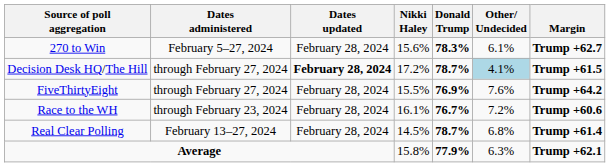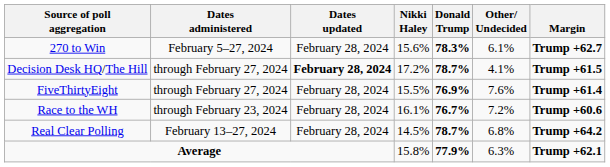 <table class="wikitable sortable mw-datatable" style="font-size:90%;text-align:center;">
 <tr valign="bottom" style="font-size:90%;">
 <th>Source of poll<br>aggregation</th>
 <th>Dates<br>administered</th>
 <th>Dates<br>updated</th>
 <th>Nikki<br>Haley</th>
 <th>Donald<br>Trump</th>
 <th>Other/<br>Undecided</th>
 <th>Margin</th>
 </tr>
 <tr>
 <td><a href='#'>270 to Win</a></td>
 <td>February 5–27, 2024</td>
 <td>February 28, 2024</td>
 <td>15.6%</td>
 <td><strong>78.3%</strong></td>
 <td>6.1%</td>
 <td><strong>Trump +62.7</strong></td>
 </tr>
 <tr>
 <td><a href='#'>Decision Desk HQ</a>/<a href='#'>The Hill</a></td>
 <td>through February 27, 2024</td>
 <td><strong>February 28, 2024</strong></td>
 <td>17.2%</td>
 <td><strong>78.7%</strong></td>
-<td style="background: lightblue;">4.1%</td>
+<td>4.1%</td>
 <td><strong>Trump +61.5</strong></td>
 </tr>
 <tr>
 <td><a href='#'>FiveThirtyEight</a></td>
 <td>through February 27, 2024</td>
 <td>February 28, 2024</td>
 <td>15.5%</td>
 <td><strong>76.9%</strong></td>
 <td>7.6%</td>
-<td><strong>Trump +64.2</strong></td>
+<td><strong>Trump +61.4</strong></td>
 </tr>
 <tr>
 <td><a href='#'>Race to the WH</a></td>
 <td>through February 23, 2024</td>
 <td>February 28, 2024</td>
 <td>16.1%</td>
 <td><strong>76.7%</strong></td>
 <td>7.2%</td>
 <td><strong>Trump +60.6</strong></td>
 </tr>
 <tr>
 <td><a href='#'>Real Clear Polling</a></td>
 <td>February 13–27, 2024</td>
 <td>February 28, 2024</td>
 <td>14.5%</td>
 <td><strong>78.7%</strong></td>
 <td>6.8%</td>
-<td><strong>Trump +61.4</strong></td>
+<td><strong>Trump +64.2</strong></td>
 </tr>
 <tr>
 <td colspan="3"><strong>Average</strong></td>
 <td>15.8%</td>
 <td><strong>77.9%</strong></td>
 <td>6.3%</td>
 <td><strong>Trump +62.1</strong></td>
 </tr>
 </table>
